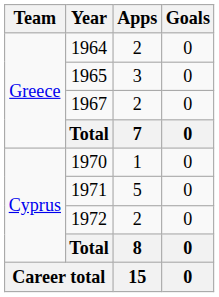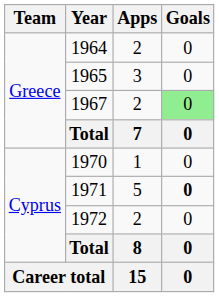 <table class="wikitable" style="text-align:center">
 <tr>
 <th>Team</th>
 <th>Year</th>
 <th>Apps</th>
 <th>Goals</th>
 </tr>
 <tr>
 <td rowspan="4"><a href='#'>Greece</a></td>
 <td>1964</td>
 <td>2</td>
 <td>0</td>
 </tr>
 <tr>
 <td>1965</td>
 <td>3</td>
 <td>0</td>
 </tr>
 <tr>
 <td>1967</td>
 <td>2</td>
-<td>0</td>
+<td style="background: lightgreen;">0</td>
 </tr>
 <tr>
 <th>Total</th>
 <th>7</th>
 <th>0</th>
 </tr>
 <tr>
 <td rowspan="4"><a href='#'>Cyprus</a></td>
 <td>1970</td>
 <td>1</td>
 <td>0</td>
 </tr>
 <tr>
 <td>1971</td>
 <td>5</td>
-<td>0</td>
+<td><strong>0</strong></td>
 </tr>
 <tr>
 <td>1972</td>
 <td>2</td>
 <td>0</td>
 </tr>
 <tr>
 <th>Total</th>
 <th>8</th>
 <th>0</th>
 </tr>
 <tr>
 <th colspan="2">Career total</th>
 <th>15</th>
 <th>0</th>
 </tr>
 </table>
